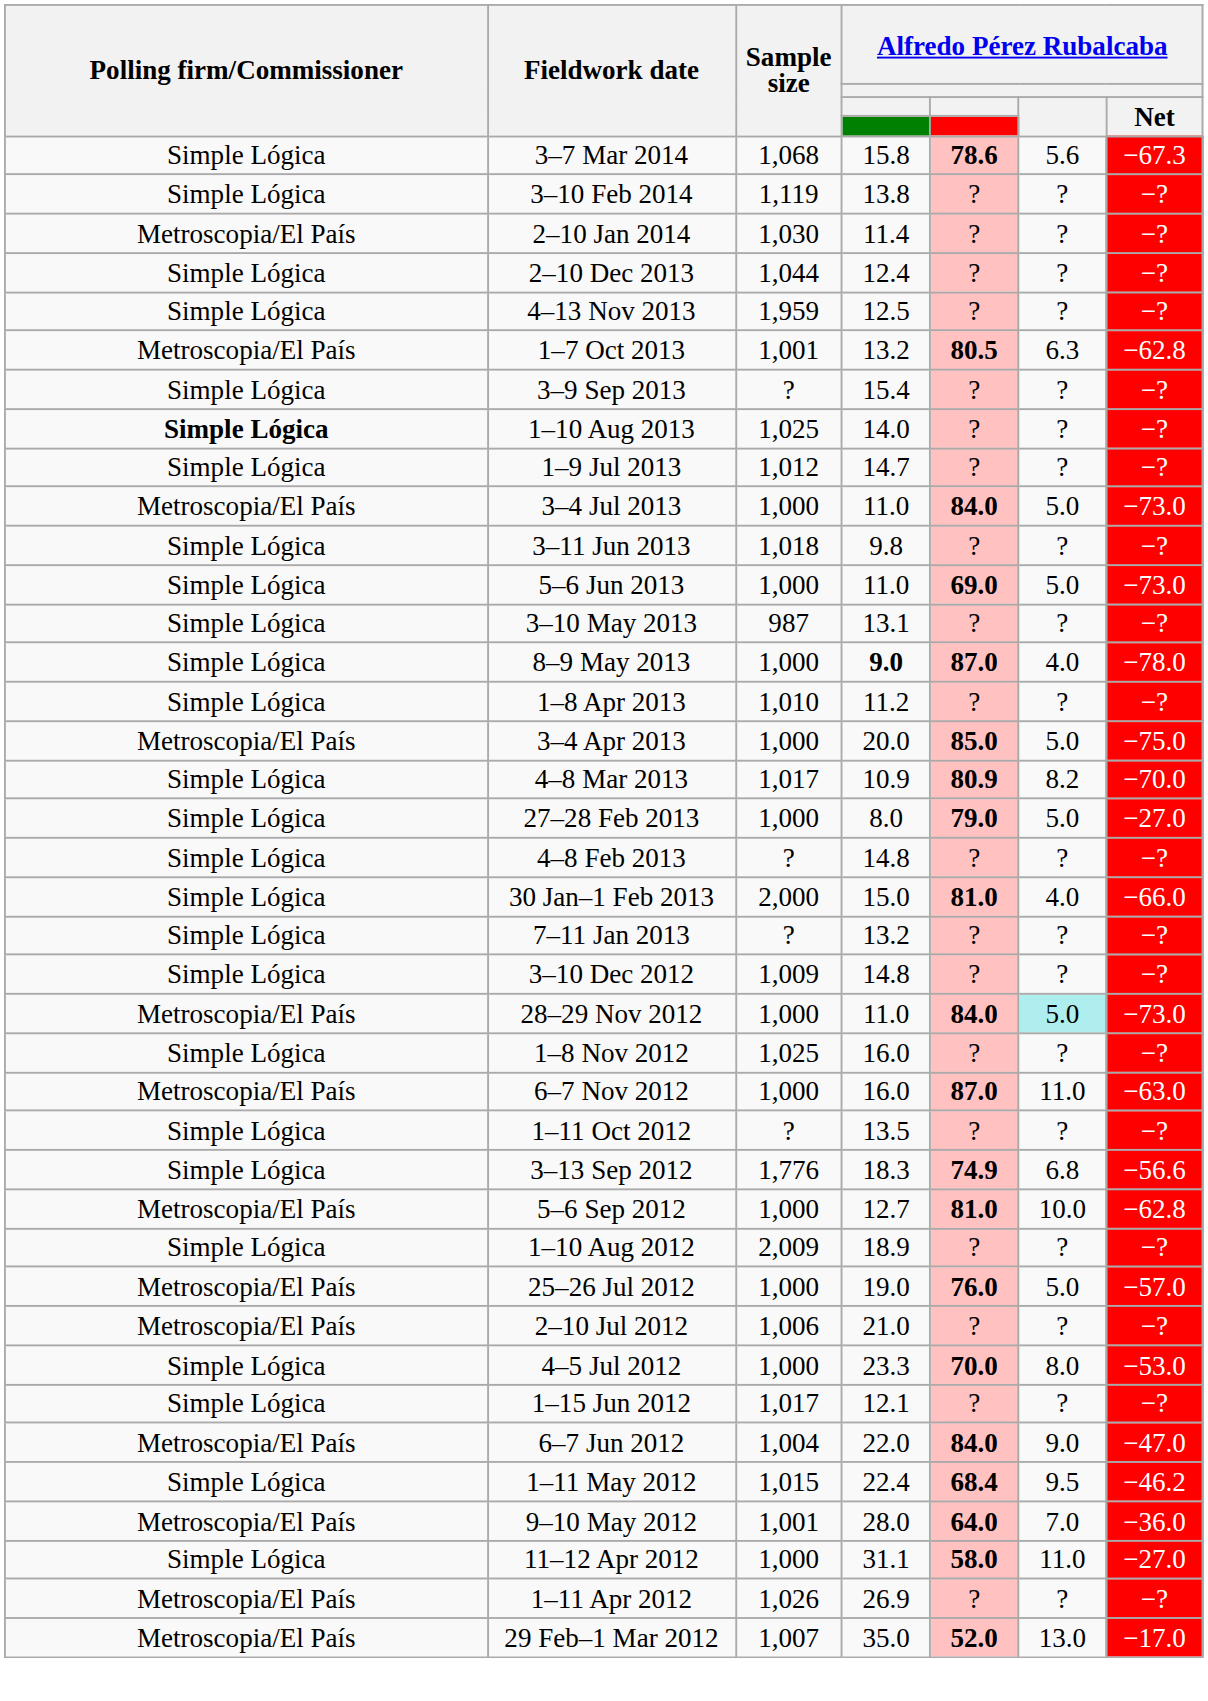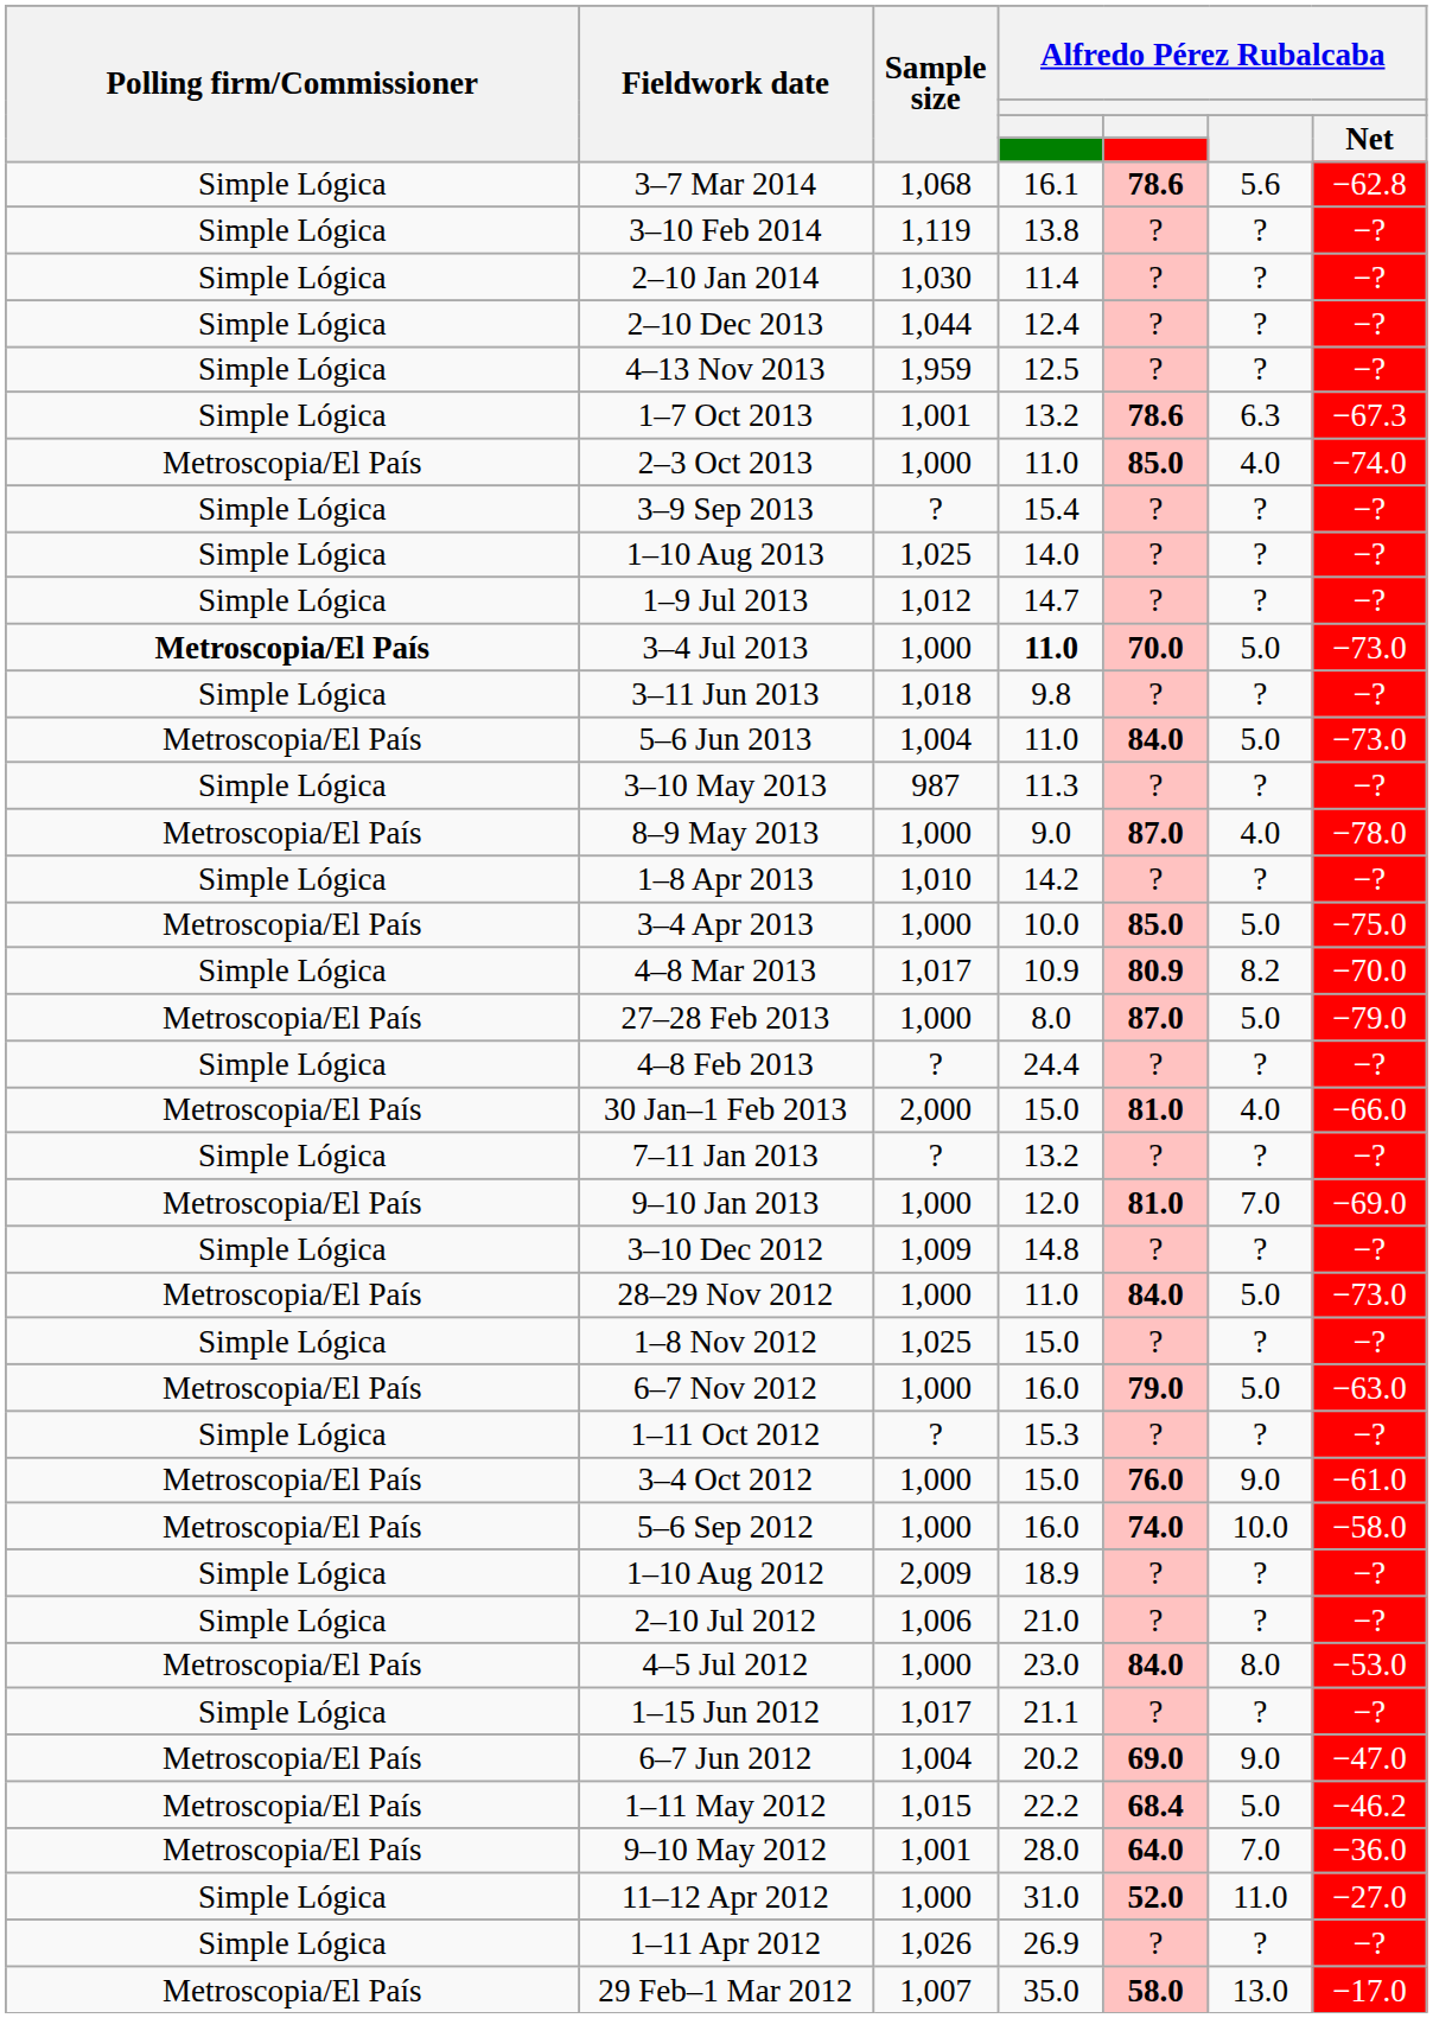 <table class="wikitable collapsible collapsed" style="text-align:center; font-size:90%; line-height:14px;">
 <tr style="height:42px;">
 <th style="width:250px;" rowspan="4">Polling firm/Commissioner</th>
 <th style="width:125px;" rowspan="4">Fieldwork date</th>
 <th style="width:50px;" rowspan="4">Sample size</th>
 <th style="width:185px;" colspan="4"><a href='#'>Alfredo Pérez Rubalcaba</a><br></th>
 </tr>
 <tr>
 <th colspan="4" style="background:"></th>
 </tr>
 <tr>
 <th style="width:30px;"></th>
 <th style="width:30px;"></th>
 <th style="width:30px;" rowspan="2"></th>
 <th style="width:30px;" rowspan="2">Net</th>
 </tr>
 <tr>
 <th style="color:inherit;background:#008000;"></th>
 <th style="color:inherit;background:#FF0000;"></th>
 </tr>
 <tr>
 <td>Simple Lógica</td>
 <td>3–7 Mar 2014</td>
 <td>1,068</td>
-<td>15.8</td>
+<td>16.1</td>
 <td style="background:#FFC2C1;"><strong>78.6</strong></td>
 <td>5.6</td>
-<td style="background:#FF0000; color:white;">−67.3</td>
+<td style="background:#FF0000; color:white;">−62.8</td>
 </tr>
 <tr>
 <td>Simple Lógica</td>
 <td>3–10 Feb 2014</td>
 <td>1,119</td>
 <td>13.8</td>
 <td style="background:#FFC2C1;">?</td>
 <td>?</td>
 <td style="background:#FF0000; color:white;">−?</td>
 </tr>
 <tr>
-<td>Metroscopia/El País</td>
+<td>Simple Lógica</td>
 <td>2–10 Jan 2014</td>
 <td>1,030</td>
 <td>11.4</td>
 <td style="background:#FFC2C1;">?</td>
 <td>?</td>
 <td style="background:#FF0000; color:white;">−?</td>
 </tr>
 <tr>
 <td>Simple Lógica</td>
 <td>2–10 Dec 2013</td>
 <td>1,044</td>
 <td>12.4</td>
 <td style="background:#FFC2C1;">?</td>
 <td>?</td>
 <td style="background:#FF0000; color:white;">−?</td>
 </tr>
 <tr>
 <td>Simple Lógica</td>
 <td>4–13 Nov 2013</td>
 <td>1,959</td>
 <td>12.5</td>
 <td style="background:#FFC2C1;">?</td>
 <td>?</td>
 <td style="background:#FF0000; color:white;">−?</td>
 </tr>
 <tr>
-<td>Metroscopia/El País</td>
+<td>Simple Lógica</td>
 <td>1–7 Oct 2013</td>
 <td>1,001</td>
 <td>13.2</td>
-<td style="background:#FFC2C1;"><strong>80.5</strong></td>
+<td style="background:#FFC2C1;"><strong>78.6</strong></td>
 <td>6.3</td>
-<td style="background:#FF0000; color:white;">−62.8</td>
+<td style="background:#FF0000; color:white;">−67.3</td>
+</tr>
+<tr>
+<td>Metroscopia/El País</td>
+<td>2–3 Oct 2013</td>
+<td>1,000</td>
+<td>11.0</td>
+<td style="background:#FFC2C1;"><strong>85.0</strong></td>
+<td>4.0</td>
+<td style="background:#FF0000; color:white;">−74.0</td>
 </tr>
 <tr>
 <td>Simple Lógica</td>
 <td>3–9 Sep 2013</td>
 <td>?</td>
 <td>15.4</td>
 <td style="background:#FFC2C1;">?</td>
 <td>?</td>
 <td style="background:#FF0000; color:white;">−?</td>
 </tr>
 <tr>
-<td><strong>Simple Lógica</strong></td>
+<td>Simple Lógica</td>
 <td>1–10 Aug 2013</td>
 <td>1,025</td>
 <td>14.0</td>
 <td style="background:#FFC2C1;">?</td>
 <td>?</td>
 <td style="background:#FF0000; color:white;">−?</td>
 </tr>
 <tr>
 <td>Simple Lógica</td>
 <td>1–9 Jul 2013</td>
 <td>1,012</td>
 <td>14.7</td>
 <td style="background:#FFC2C1;">?</td>
 <td>?</td>
 <td style="background:#FF0000; color:white;">−?</td>
 </tr>
 <tr>
-<td>Metroscopia/El País</td>
+<td><strong>Metroscopia/El País</strong></td>
 <td>3–4 Jul 2013</td>
 <td>1,000</td>
-<td>11.0</td>
-<td style="background:#FFC2C1;"><strong>84.0</strong></td>
+<td><strong>11.0</strong></td>
+<td style="background:#FFC2C1;"><strong>70.0</strong></td>
 <td>5.0</td>
 <td style="background:#FF0000; color:white;">−73.0</td>
 </tr>
 <tr>
 <td>Simple Lógica</td>
 <td>3–11 Jun 2013</td>
 <td>1,018</td>
 <td>9.8</td>
 <td style="background:#FFC2C1;">?</td>
 <td>?</td>
 <td style="background:#FF0000; color:white;">−?</td>
 </tr>
 <tr>
-<td>Simple Lógica</td>
+<td>Metroscopia/El País</td>
 <td>5–6 Jun 2013</td>
-<td>1,000</td>
+<td>1,004</td>
 <td>11.0</td>
-<td style="background:#FFC2C1;"><strong>69.0</strong></td>
+<td style="background:#FFC2C1;"><strong>84.0</strong></td>
 <td>5.0</td>
 <td style="background:#FF0000; color:white;">−73.0</td>
 </tr>
 <tr>
 <td>Simple Lógica</td>
 <td>3–10 May 2013</td>
 <td>987</td>
-<td>13.1</td>
+<td>11.3</td>
 <td style="background:#FFC2C1;">?</td>
 <td>?</td>
 <td style="background:#FF0000; color:white;">−?</td>
 </tr>
 <tr>
-<td>Simple Lógica</td>
+<td>Metroscopia/El País</td>
 <td>8–9 May 2013</td>
 <td>1,000</td>
-<td><strong>9.0</strong></td>
+<td>9.0</td>
 <td style="background:#FFC2C1;"><strong>87.0</strong></td>
 <td>4.0</td>
 <td style="background:#FF0000; color:white;">−78.0</td>
 </tr>
 <tr>
 <td>Simple Lógica</td>
 <td>1–8 Apr 2013</td>
 <td>1,010</td>
-<td>11.2</td>
+<td>14.2</td>
 <td style="background:#FFC2C1;">?</td>
 <td>?</td>
 <td style="background:#FF0000; color:white;">−?</td>
 </tr>
 <tr>
 <td>Metroscopia/El País</td>
 <td>3–4 Apr 2013</td>
 <td>1,000</td>
-<td>20.0</td>
+<td>10.0</td>
 <td style="background:#FFC2C1;"><strong>85.0</strong></td>
 <td>5.0</td>
 <td style="background:#FF0000; color:white;">−75.0</td>
 </tr>
 <tr>
 <td>Simple Lógica</td>
 <td>4–8 Mar 2013</td>
 <td>1,017</td>
 <td>10.9</td>
 <td style="background:#FFC2C1;"><strong>80.9</strong></td>
 <td>8.2</td>
 <td style="background:#FF0000; color:white;">−70.0</td>
 </tr>
 <tr>
-<td>Simple Lógica</td>
+<td>Metroscopia/El País</td>
 <td>27–28 Feb 2013</td>
 <td>1,000</td>
 <td>8.0</td>
-<td style="background:#FFC2C1;"><strong>79.0</strong></td>
+<td style="background:#FFC2C1;"><strong>87.0</strong></td>
 <td>5.0</td>
-<td style="background:#FF0000; color:white;">−27.0</td>
+<td style="background:#FF0000; color:white;">−79.0</td>
 </tr>
 <tr>
 <td>Simple Lógica</td>
 <td>4–8 Feb 2013</td>
 <td>?</td>
-<td>14.8</td>
+<td>24.4</td>
 <td style="background:#FFC2C1;">?</td>
 <td>?</td>
 <td style="background:#FF0000; color:white;">−?</td>
 </tr>
 <tr>
-<td>Simple Lógica</td>
+<td>Metroscopia/El País</td>
 <td>30 Jan–1 Feb 2013</td>
 <td>2,000</td>
 <td>15.0</td>
 <td style="background:#FFC2C1;"><strong>81.0</strong></td>
 <td>4.0</td>
 <td style="background:#FF0000; color:white;">−66.0</td>
 </tr>
 <tr>
 <td>Simple Lógica</td>
 <td>7–11 Jan 2013</td>
 <td>?</td>
 <td>13.2</td>
 <td style="background:#FFC2C1;">?</td>
 <td>?</td>
 <td style="background:#FF0000; color:white;">−?</td>
 </tr>
 <tr>
+<td>Metroscopia/El País</td>
+<td>9–10 Jan 2013</td>
+<td>1,000</td>
+<td>12.0</td>
+<td style="background:#FFC2C1;"><strong>81.0</strong></td>
+<td>7.0</td>
+<td style="background:#FF0000; color:white;">−69.0</td>
+</tr>
+<tr>
 <td>Simple Lógica</td>
 <td>3–10 Dec 2012</td>
 <td>1,009</td>
 <td>14.8</td>
 <td style="background:#FFC2C1;">?</td>
 <td>?</td>
 <td style="background:#FF0000; color:white;">−?</td>
 </tr>
 <tr>
 <td>Metroscopia/El País</td>
 <td>28–29 Nov 2012</td>
 <td>1,000</td>
 <td>11.0</td>
 <td style="background:#FFC2C1;"><strong>84.0</strong></td>
-<td style="background: paleturquoise;">5.0</td>
+<td>5.0</td>
 <td style="background:#FF0000; color:white;">−73.0</td>
 </tr>
 <tr>
 <td>Simple Lógica</td>
 <td>1–8 Nov 2012</td>
 <td>1,025</td>
-<td>16.0</td>
+<td>15.0</td>
 <td style="background:#FFC2C1;">?</td>
 <td>?</td>
 <td style="background:#FF0000; color:white;">−?</td>
 </tr>
 <tr>
 <td>Metroscopia/El País</td>
 <td>6–7 Nov 2012</td>
 <td>1,000</td>
 <td>16.0</td>
-<td style="background:#FFC2C1;"><strong>87.0</strong></td>
-<td>11.0</td>
+<td style="background:#FFC2C1;"><strong>79.0</strong></td>
+<td>5.0</td>
 <td style="background:#FF0000; color:white;">−63.0</td>
 </tr>
 <tr>
 <td>Simple Lógica</td>
 <td>1–11 Oct 2012</td>
 <td>?</td>
-<td>13.5</td>
+<td>15.3</td>
 <td style="background:#FFC2C1;">?</td>
 <td>?</td>
 <td style="background:#FF0000; color:white;">−?</td>
 </tr>
 <tr>
-<td>Simple Lógica</td>
-<td>3–13 Sep 2012</td>
-<td>1,776</td>
-<td>18.3</td>
-<td style="background:#FFC2C1;"><strong>74.9</strong></td>
-<td>6.8</td>
-<td style="background:#FF0000; color:white;">−56.6</td>
+<td>Metroscopia/El País</td>
+<td>3–4 Oct 2012</td>
+<td>1,000</td>
+<td>15.0</td>
+<td style="background:#FFC2C1;"><strong>76.0</strong></td>
+<td>9.0</td>
+<td style="background:#FF0000; color:white;">−61.0</td>
 </tr>
 <tr>
 <td>Metroscopia/El País</td>
 <td>5–6 Sep 2012</td>
 <td>1,000</td>
-<td>12.7</td>
-<td style="background:#FFC2C1;"><strong>81.0</strong></td>
+<td>16.0</td>
+<td style="background:#FFC2C1;"><strong>74.0</strong></td>
 <td>10.0</td>
-<td style="background:#FF0000; color:white;">−62.8</td>
+<td style="background:#FF0000; color:white;">−58.0</td>
 </tr>
 <tr>
 <td>Simple Lógica</td>
 <td>1–10 Aug 2012</td>
 <td>2,009</td>
 <td>18.9</td>
 <td style="background:#FFC2C1;">?</td>
 <td>?</td>
 <td style="background:#FF0000; color:white;">−?</td>
 </tr>
 <tr>
-<td>Metroscopia/El País</td>
-<td>25–26 Jul 2012</td>
-<td>1,000</td>
-<td>19.0</td>
-<td style="background:#FFC2C1;"><strong>76.0</strong></td>
-<td>5.0</td>
-<td style="background:#FF0000; color:white;">−57.0</td>
-</tr>
-<tr>
-<td>Metroscopia/El País</td>
+<td>Simple Lógica</td>
 <td>2–10 Jul 2012</td>
 <td>1,006</td>
 <td>21.0</td>
 <td style="background:#FFC2C1;">?</td>
 <td>?</td>
 <td style="background:#FF0000; color:white;">−?</td>
 </tr>
 <tr>
-<td>Simple Lógica</td>
+<td>Metroscopia/El País</td>
 <td>4–5 Jul 2012</td>
 <td>1,000</td>
-<td>23.3</td>
-<td style="background:#FFC2C1;"><strong>70.0</strong></td>
+<td>23.0</td>
+<td style="background:#FFC2C1;"><strong>84.0</strong></td>
 <td>8.0</td>
 <td style="background:#FF0000; color:white;">−53.0</td>
 </tr>
 <tr>
 <td>Simple Lógica</td>
 <td>1–15 Jun 2012</td>
 <td>1,017</td>
-<td>12.1</td>
+<td>21.1</td>
 <td style="background:#FFC2C1;">?</td>
 <td>?</td>
 <td style="background:#FF0000; color:white;">−?</td>
 </tr>
 <tr>
 <td>Metroscopia/El País</td>
 <td>6–7 Jun 2012</td>
 <td>1,004</td>
-<td>22.0</td>
-<td style="background:#FFC2C1;"><strong>84.0</strong></td>
+<td>20.2</td>
+<td style="background:#FFC2C1;"><strong>69.0</strong></td>
 <td>9.0</td>
 <td style="background:#FF0000; color:white;">−47.0</td>
 </tr>
 <tr>
-<td>Simple Lógica</td>
+<td>Metroscopia/El País</td>
 <td>1–11 May 2012</td>
 <td>1,015</td>
-<td>22.4</td>
+<td>22.2</td>
 <td style="background:#FFC2C1;"><strong>68.4</strong></td>
-<td>9.5</td>
+<td>5.0</td>
 <td style="background:#FF0000; color:white;">−46.2</td>
 </tr>
 <tr>
 <td>Metroscopia/El País</td>
 <td>9–10 May 2012</td>
 <td>1,001</td>
 <td>28.0</td>
 <td style="background:#FFC2C1;"><strong>64.0</strong></td>
 <td>7.0</td>
 <td style="background:#FF0000; color:white;">−36.0</td>
 </tr>
 <tr>
 <td>Simple Lógica</td>
 <td>11–12 Apr 2012</td>
 <td>1,000</td>
-<td>31.1</td>
-<td style="background:#FFC2C1;"><strong>58.0</strong></td>
+<td>31.0</td>
+<td style="background:#FFC2C1;"><strong>52.0</strong></td>
 <td>11.0</td>
 <td style="background:#FF0000; color:white;">−27.0</td>
 </tr>
 <tr>
-<td>Metroscopia/El País</td>
+<td>Simple Lógica</td>
 <td>1–11 Apr 2012</td>
 <td>1,026</td>
 <td>26.9</td>
 <td style="background:#FFC2C1;">?</td>
 <td>?</td>
 <td style="background:#FF0000; color:white;">−?</td>
 </tr>
 <tr>
 <td>Metroscopia/El País</td>
 <td>29 Feb–1 Mar 2012</td>
 <td>1,007</td>
 <td>35.0</td>
-<td style="background:#FFC2C1;"><strong>52.0</strong></td>
+<td style="background:#FFC2C1;"><strong>58.0</strong></td>
 <td>13.0</td>
 <td style="background:#FF0000; color:white;">−17.0</td>
 </tr>
 </table>
